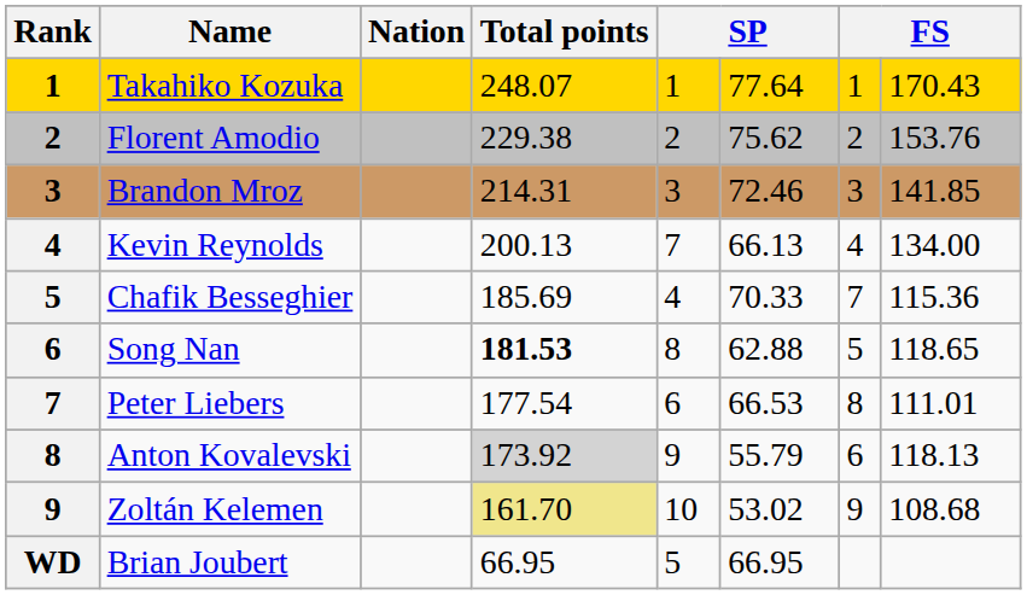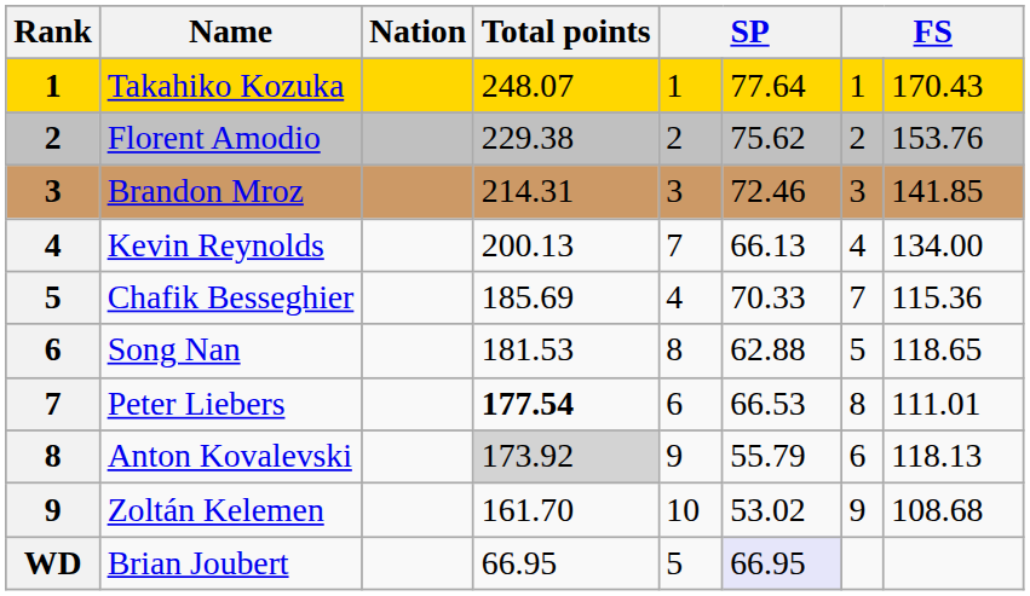 <table class="wikitable sortable">
 <tr>
 <th>Rank</th>
 <th>Name</th>
 <th>Nation</th>
 <th>Total points</th>
 <th colspan="2" width="80px"><a href='#'>SP</a></th>
 <th colspan="2" width="80px"><a href='#'>FS</a></th>
 </tr>
 <tr bgcolor="gold">
 <td align="center"><strong>1</strong></td>
 <td><a href='#'>Takahiko Kozuka</a></td>
 <td></td>
 <td>248.07</td>
 <td>1</td>
 <td>77.64</td>
 <td>1</td>
 <td>170.43</td>
 </tr>
 <tr bgcolor="silver">
 <td align="center"><strong>2</strong></td>
 <td><a href='#'>Florent Amodio</a></td>
 <td></td>
 <td>229.38</td>
 <td>2</td>
 <td>75.62</td>
 <td>2</td>
 <td>153.76</td>
 </tr>
 <tr bgcolor="cc9966">
 <td align="center"><strong>3</strong></td>
 <td><a href='#'>Brandon Mroz</a></td>
 <td></td>
 <td>214.31</td>
 <td>3</td>
 <td>72.46</td>
 <td>3</td>
 <td>141.85</td>
 </tr>
 <tr>
 <th>4</th>
 <td><a href='#'>Kevin Reynolds</a></td>
 <td></td>
 <td>200.13</td>
 <td>7</td>
 <td>66.13</td>
 <td>4</td>
 <td>134.00</td>
 </tr>
 <tr>
 <th>5</th>
 <td><a href='#'>Chafik Besseghier</a></td>
 <td></td>
 <td>185.69</td>
 <td>4</td>
 <td>70.33</td>
 <td>7</td>
 <td>115.36</td>
 </tr>
 <tr>
 <th>6</th>
 <td><a href='#'>Song Nan</a></td>
 <td></td>
-<td><strong>181.53</strong></td>
+<td>181.53</td>
 <td>8</td>
 <td>62.88</td>
 <td>5</td>
 <td>118.65</td>
 </tr>
 <tr>
 <th>7</th>
 <td><a href='#'>Peter Liebers</a></td>
 <td></td>
-<td>177.54</td>
+<td><strong>177.54</strong></td>
 <td>6</td>
 <td>66.53</td>
 <td>8</td>
 <td>111.01</td>
 </tr>
 <tr>
 <th>8</th>
 <td><a href='#'>Anton Kovalevski</a></td>
 <td></td>
 <td style="background: lightgrey;">173.92</td>
 <td>9</td>
 <td>55.79</td>
 <td>6</td>
 <td>118.13</td>
 </tr>
 <tr>
 <th>9</th>
 <td><a href='#'>Zoltán Kelemen</a></td>
 <td></td>
-<td style="background: khaki;">161.70</td>
+<td>161.70</td>
 <td>10</td>
 <td>53.02</td>
 <td>9</td>
 <td>108.68</td>
 </tr>
 <tr>
 <th>WD</th>
 <td><a href='#'>Brian Joubert</a></td>
 <td></td>
 <td>66.95</td>
 <td>5</td>
-<td>66.95</td>
+<td style="background: lavender;">66.95</td>
 <td></td>
 <td></td>
 </tr>
 </table>
